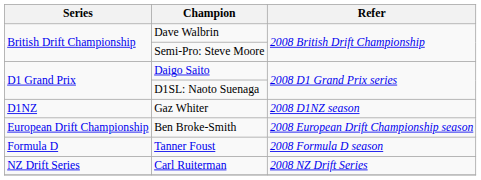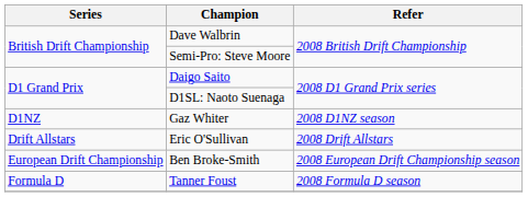 <table class="wikitable" style="font-size:87%;">
 <tr>
 <th>Series</th>
 <th>Champion</th>
 <th>Refer</th>
 </tr>
 <tr>
 <td rowspan=2><a href='#'>British Drift Championship</a></td>
 <td> Dave Walbrin</td>
 <td rowspan=2><em><a href='#'>2008 British Drift Championship</a></em></td>
 </tr>
 <tr>
 <td>Semi-Pro:  Steve Moore</td>
 </tr>
 <tr>
 <td rowspan=2><a href='#'>D1 Grand Prix</a></td>
 <td> <a href='#'>Daigo Saito</a></td>
 <td rowspan=2><em><a href='#'>2008 D1 Grand Prix series</a></em></td>
 </tr>
 <tr>
 <td>D1SL:  Naoto Suenaga</td>
 </tr>
 <tr>
 <td><a href='#'>D1NZ</a></td>
 <td> Gaz Whiter</td>
 <td><em><a href='#'>2008 D1NZ season</a></em></td>
 </tr>
 <tr>
+<td><a href='#'>Drift Allstars</a></td>
+<td> Eric O'Sullivan</td>
+<td><em><a href='#'>2008 Drift Allstars</a></em></td>
+</tr>
+<tr>
 <td><a href='#'>European Drift Championship</a></td>
 <td> Ben Broke-Smith</td>
 <td><em><a href='#'>2008 European Drift Championship season</a></em></td>
 </tr>
 <tr>
 <td><a href='#'>Formula D</a></td>
 <td> <a href='#'>Tanner Foust</a></td>
 <td><em><a href='#'>2008 Formula D season</a></em></td>
 </tr>
 <tr>
-<td><a href='#'>NZ Drift Series</a></td>
-<td> <a href='#'>Carl Ruiterman</a></td>
-<td><em><a href='#'>2008 NZ Drift Series</a></em></td>
-</tr>
-<tr>
 </tr>
 </table>
